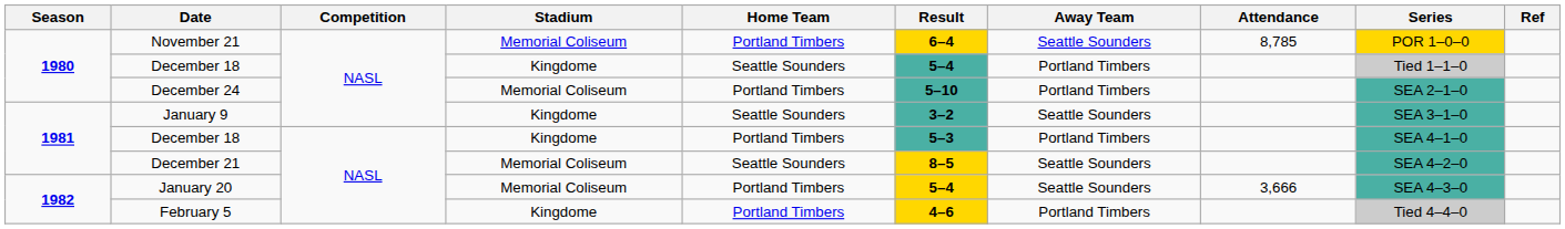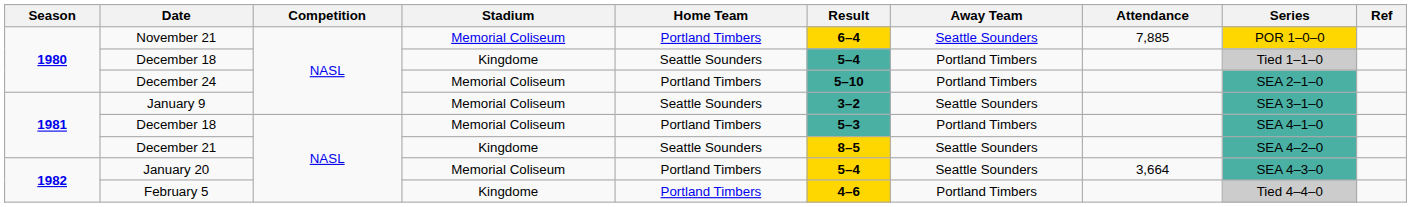 <table class="wikitable" style="text-align: center; width: 100%; font-size: 12px">
 <tr>
 <th>Season</th>
 <th>Date</th>
 <th>Competition</th>
 <th>Stadium</th>
 <th>Home Team</th>
 <th>Result</th>
 <th>Away Team</th>
 <th>Attendance</th>
 <th>Series</th>
 <th>Ref</th>
 </tr>
 <tr>
 <td rowspan="3"><strong><a href='#'>1980</a></strong></td>
 <td>November 21</td>
 <td rowspan="4"><a href='#'>NASL</a></td>
 <td><a href='#'>Memorial Coliseum</a></td>
 <td><a href='#'>Portland Timbers</a></td>
 <td bgcolor=gold><strong>6–4</strong></td>
 <td><a href='#'>Seattle Sounders</a></td>
-<td>8,785</td>
+<td>7,885</td>
 <td bgcolor=gold>POR 1–0–0</td>
 <td></td>
 </tr>
 <tr>
 <td>December 18</td>
 <td>Kingdome</td>
 <td>Seattle Sounders</td>
 <td style="background:#4ab0a4"><span><strong>5–4</strong></span></td>
 <td>Portland Timbers</td>
 <td></td>
 <td style="background:#CCCCCC;"><span> Tied 1–1–0</span></td>
 <td></td>
 </tr>
 <tr>
 <td>December 24</td>
 <td>Memorial Coliseum</td>
 <td>Portland Timbers</td>
 <td style="background:#4ab0a4;"><span><strong>5–10</strong></span></td>
 <td>Portland Timbers</td>
 <td></td>
 <td style="background:#4ab0a4;"><span> SEA 2–1–0</span></td>
 <td></td>
 </tr>
 <tr>
 <td rowspan="3"><strong><a href='#'>1981</a></strong></td>
 <td>January 9</td>
-<td>Kingdome</td>
+<td>Memorial Coliseum</td>
 <td>Seattle Sounders</td>
 <td style="background:#4ab0a4;"><span><strong>3–2</strong></span></td>
 <td>Seattle Sounders</td>
 <td></td>
 <td style="background:#4ab0a4;"><span> SEA 3–1–0</span></td>
 <td></td>
 </tr>
 <tr>
 <td>December 18</td>
 <td rowspan="4"><a href='#'>NASL</a></td>
-<td>Kingdome</td>
+<td>Memorial Coliseum</td>
 <td>Portland Timbers</td>
 <td style="background:#4ab0a4"><span><strong>5–3</strong></span></td>
 <td>Portland Timbers</td>
 <td></td>
 <td style="background:#4ab0a4;"><span> SEA 4–1–0</span></td>
 <td></td>
 </tr>
 <tr>
 <td>December 21</td>
-<td>Memorial Coliseum</td>
+<td>Kingdome</td>
 <td>Seattle Sounders</td>
 <td bgcolor=gold><strong>8–5</strong></td>
 <td>Seattle Sounders</td>
 <td></td>
 <td style="background:#4ab0a4;"><span> SEA 4–2–0</span></td>
 <td></td>
 </tr>
 <tr>
 <td rowspan="2"><strong><a href='#'>1982</a></strong></td>
 <td>January 20</td>
 <td>Memorial Coliseum</td>
 <td>Portland Timbers</td>
 <td bgcolor=gold><strong>5–4</strong></td>
 <td>Seattle Sounders</td>
-<td>3,666</td>
+<td>3,664</td>
 <td style="background:#4ab0a4;"><span> SEA 4–3–0</span></td>
 <td></td>
 </tr>
 <tr>
 <td>February 5</td>
 <td>Kingdome</td>
 <td><a href='#'>Portland Timbers</a></td>
 <td bgcolor=gold><strong>4–6</strong></td>
 <td>Portland Timbers</td>
 <td></td>
 <td style="background:#CCCCCC;"><span> Tied 4–4–0</span></td>
 <td></td>
 </tr>
 </table>
